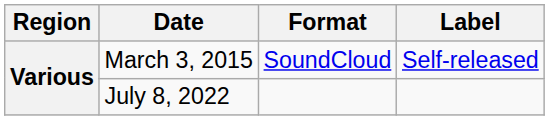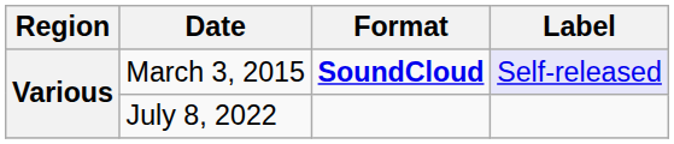 <table class="wikitable plainrowheaders">
 <tr>
 <th scope="col">Region</th>
 <th scope="col">Date</th>
 <th scope="col">Format</th>
 <th scope="col">Label</th>
 </tr>
 <tr>
 <th scope="row" rowspan="2">Various</th>
 <td>March 3, 2015</td>
-<td><a href='#'>SoundCloud</a></td>
-<td><a href='#'>Self-released</a></td>
+<td><strong><a href='#'>SoundCloud</a></strong></td>
+<td style="background: lavender;"><a href='#'>Self-released</a></td>
 </tr>
 <tr>
 <td>July 8, 2022</td>
 <td></td>
 <td></td>
 </tr>
 </table>
